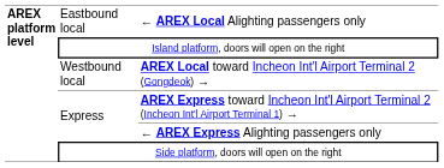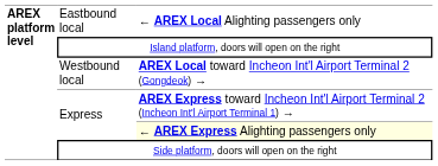 <table border=0 cellspacing=0 cellpadding=3>
 <tr>
 <td rowspan="10" style="width:50px; border-top:solid 1px gray; border-bottom:solid 1px gray; vertical-align:top;"><strong>AREX platform level</strong></td>
 <td style="border-bottom:solid 0 gray; border-top:solid 1px gray; width:100px;">Eastbound local</td>
 <td style="border-bottom:solid 0 gray; border-top:solid 1px gray; width:390px;">← <a href='#'><span><strong>AREX Local</strong></span></a> Alighting passengers only</td>
 </tr>
 <tr>
 <td style="border-top:solid 2px black;border-right:solid 2px black;border-left:solid 2px black;border-bottom:solid 2px black;text-align:center;" colspan=2><small><a href='#'>Island platform</a>, doors will open on the right</small></td>
 </tr>
 <tr>
 <td style="border-bottom:solid 1px gray;">Westbound local</td>
 <td style="border-bottom:solid 1px gray;"> <a href='#'><span><strong>AREX Local</strong></span></a> toward <a href='#'>Incheon Int'l Airport Terminal 2</a> <small>(<a href='#'>Gongdeok</a>)</small> →</td>
 </tr>
 <tr>
 <td rowspan="2">Express</td>
 <td style="border-bottom:solid 1px gray;"> <a href='#'><span><strong>AREX Express</strong></span></a> toward <a href='#'>Incheon Int'l Airport Terminal 2</a> <small>(<a href='#'>Incheon Int'l Airport Terminal 1</a>)</small> →</td>
 </tr>
 <tr>
-<td>← <a href='#'><span><strong>AREX Express</strong></span></a> Alighting passengers only</td>
+<td style="background: lightyellow;">← <a href='#'><span><strong>AREX Express</strong></span></a> Alighting passengers only</td>
 </tr>
 <tr>
 <td style="border-top:solid 2px black;border-right:solid 2px black;border-left:solid 2px black;border-bottom:solid 1px black;text-align:center;" colspan=2><small><a href='#'>Side platform</a>, doors will open on the right</small></td>
 </tr>
 </table>
